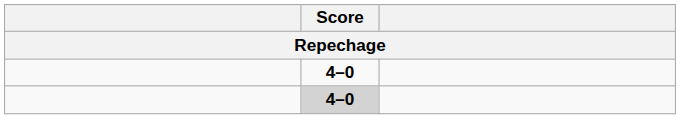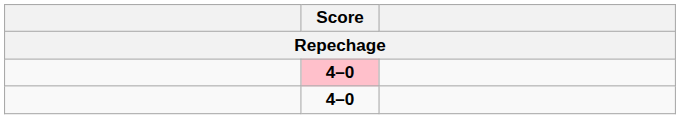 <table class="wikitable" style="text-align: left;">
 <tr>
 <th align="right" width="270"></th>
 <th width="65">Score</th>
 <th align="left" width="270"></th>
 </tr>
 <tr>
 <th colspan="3">Repechage</th>
 </tr>
 <tr>
 <td><strong></strong></td>
-<td align=center><strong>4–0</strong></td>
+<td align=center style="background: pink;"><strong>4–0</strong></td>
 <td></td>
 </tr>
 <tr>
 <td><strong></strong></td>
-<td align=center style="background: lightgrey;"><strong>4–0</strong></td>
+<td align=center><strong>4–0</strong></td>
 <td></td>
 </tr>
 </table>
